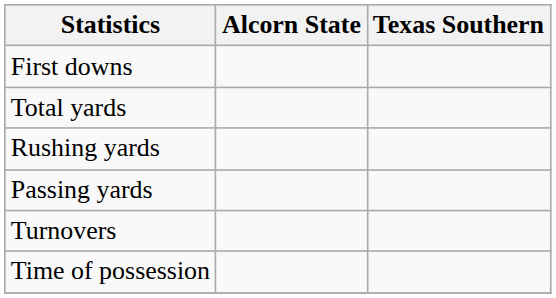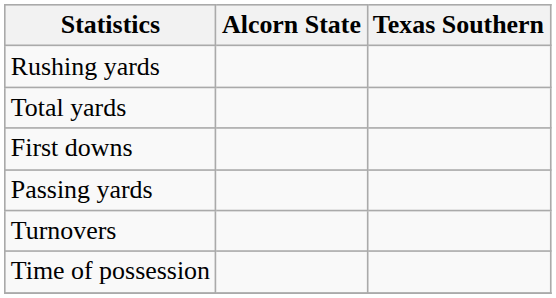 <table class="wikitable">
 <tr>
 <th>Statistics</th>
 <th>Alcorn State</th>
 <th>Texas Southern</th>
 </tr>
 <tr>
-<td>First downs</td>
+<td>Rushing yards</td>
 <td> </td>
 <td> </td>
 </tr>
 <tr>
 <td>Total yards</td>
 <td> </td>
 <td> </td>
 </tr>
 <tr>
-<td>Rushing yards</td>
+<td>First downs</td>
 <td> </td>
 <td> </td>
 </tr>
 <tr>
 <td>Passing yards</td>
 <td> </td>
 <td> </td>
 </tr>
 <tr>
 <td>Turnovers</td>
 <td> </td>
 <td> </td>
 </tr>
 <tr>
 <td>Time of possession</td>
 <td> </td>
 <td> </td>
 </tr>
 <tr>
 </tr>
 </table>
